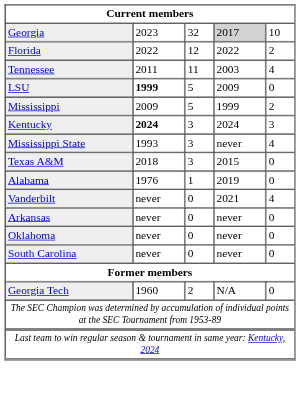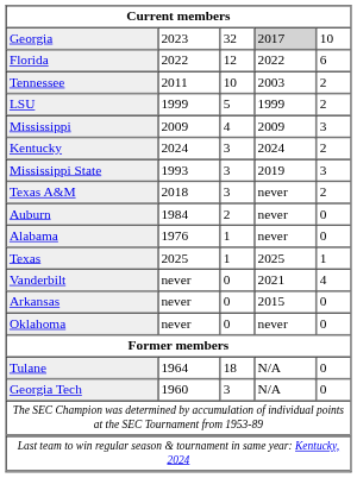 <table border="1" cellpadding="3" cellspacing="0" align="right" width="410px">
 <tr>
 </tr>
 <tr>
 <td colspan=5 align="center"><strong>Current members</strong></td>
 </tr>
 <tr>
 <td bgcolor="#efefef"><a href='#'>Georgia</a></td>
 <td>2023</td>
 <td>32</td>
 <td style="background: lightgrey;">2017</td>
 <td>10</td>
 </tr>
 <tr>
 <td bgcolor="#efefef"><a href='#'>Florida</a></td>
 <td>2022</td>
 <td>12</td>
 <td>2022</td>
-<td>2</td>
+<td>6</td>
 </tr>
 <tr>
 <td bgcolor="#efefef"><a href='#'>Tennessee</a></td>
 <td>2011</td>
-<td>11</td>
+<td>10</td>
 <td>2003</td>
-<td>4</td>
+<td>2</td>
 </tr>
 <tr>
 <td bgcolor="#efefef"><a href='#'>LSU</a></td>
-<td><strong>1999</strong></td>
-<td>5</td>
-<td>2009</td>
-<td>0</td>
-</tr>
-<tr>
-<td bgcolor="#efefef"><a href='#'>Mississippi</a></td>
-<td>2009</td>
+<td>1999</td>
 <td>5</td>
 <td>1999</td>
 <td>2</td>
 </tr>
 <tr>
+<td bgcolor="#efefef"><a href='#'>Mississippi</a></td>
+<td>2009</td>
+<td>4</td>
+<td>2009</td>
+<td>3</td>
+</tr>
+<tr>
 <td bgcolor=#efefef><a href='#'>Kentucky</a></td>
-<td><strong>2024</strong></td>
+<td>2024</td>
 <td>3</td>
 <td>2024</td>
-<td>3</td>
+<td>2</td>
 </tr>
 <tr>
 <td bgcolor="#efefef"><a href='#'>Mississippi State</a></td>
 <td>1993</td>
 <td>3</td>
-<td>never</td>
-<td>4</td>
+<td>2019</td>
+<td>3</td>
 </tr>
 <tr>
 <td bgcolor="#efefef"><a href='#'>Texas A&M</a></td>
 <td>2018</td>
 <td>3</td>
-<td>2015</td>
+<td>never</td>
+<td>2</td>
+</tr>
+<tr>
+<td bgcolor="#efefef"><a href='#'>Auburn</a></td>
+<td>1984</td>
+<td>2</td>
+<td>never</td>
 <td>0</td>
 </tr>
 <tr>
 <td bgcolor="#efefef"><a href='#'>Alabama</a></td>
 <td>1976</td>
 <td>1</td>
-<td>2019</td>
+<td>never</td>
 <td>0</td>
+</tr>
+<tr>
+<td bgcolor="#efefef"><a href='#'>Texas</a></td>
+<td>2025</td>
+<td>1</td>
+<td>2025</td>
+<td>1</td>
 </tr>
 <tr>
 <td bgcolor="#efefef"><a href='#'>Vanderbilt</a></td>
 <td>never</td>
 <td>0</td>
 <td>2021</td>
 <td>4</td>
 </tr>
 <tr>
 <td bgcolor="#efefef"><a href='#'>Arkansas</a></td>
 <td>never</td>
 <td>0</td>
-<td>never</td>
+<td>2015</td>
 <td>0</td>
 </tr>
 <tr>
 <td bgcolor="#efefef"><a href='#'>Oklahoma</a></td>
 <td>never</td>
 <td>0</td>
 <td>never</td>
 <td>0</td>
 </tr>
 <tr>
-<td bgcolor="#efefef"><a href='#'>South Carolina</a></td>
-<td>never</td>
-<td>0</td>
-<td>never</td>
-<td>0</td>
+<td colspan=5 align="center"><strong>Former members</strong></td>
 </tr>
 <tr>
-<td colspan=5 align="center"><strong>Former members</strong></td>
+<td bgcolor="#efefef"><a href='#'>Tulane</a></td>
+<td>1964</td>
+<td>18</td>
+<td>N/A</td>
+<td>0</td>
 </tr>
 <tr>
 <td bgcolor="#efefef"><a href='#'>Georgia Tech</a></td>
 <td>1960</td>
-<td>2</td>
+<td>3</td>
 <td>N/A</td>
 <td>0</td>
 </tr>
 <tr>
 <td align="center" colspan=5 style="border-bottom:3px solid gray; font-size:smaller"><em>The SEC Champion was determined by accumulation of individual points at the SEC Tournament from 1953-89</em></td>
 </tr>
 <tr>
 <td align="center" colspan=5 style="border-bottom:3px solid gray; font-size:smaller"><em>Last team to win regular season & tournament in same year: <a href='#'>Kentucky, 2024</a></em></td>
 </tr>
 </table>
